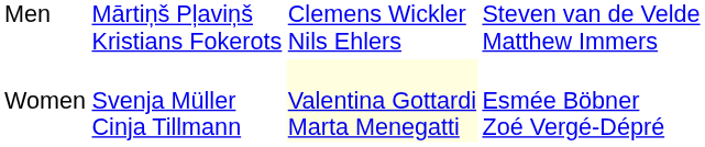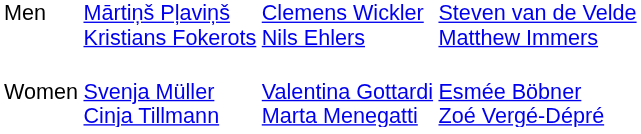 <table>
 <tr>
 <td>Men<br></td>
 <td><br><a href='#'>Mārtiņš Pļaviņš</a><br><a href='#'>Kristians Fokerots</a></td>
 <td><br><a href='#'>Clemens Wickler</a><br><a href='#'>Nils Ehlers</a></td>
 <td><br><a href='#'>Steven van de Velde</a><br><a href='#'>Matthew Immers</a></td>
 </tr>
 <tr>
 <td>Women<br></td>
 <td><br><a href='#'>Svenja Müller</a><br><a href='#'>Cinja Tillmann</a></td>
-<td style="background: lightyellow;"><br><a href='#'>Valentina Gottardi</a><br><a href='#'>Marta Menegatti</a></td>
+<td><br><a href='#'>Valentina Gottardi</a><br><a href='#'>Marta Menegatti</a></td>
 <td><br><a href='#'>Esmée Böbner</a><br><a href='#'>Zoé Vergé-Dépré</a></td>
 </tr>
 </table>
